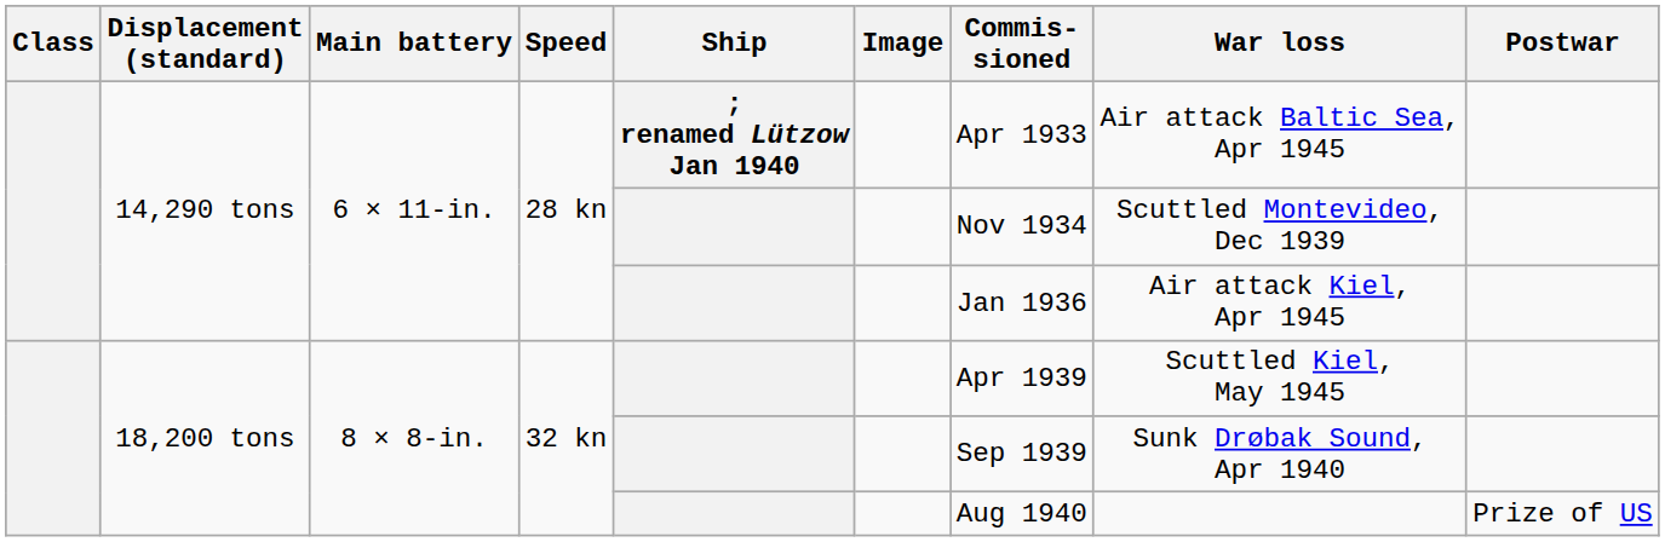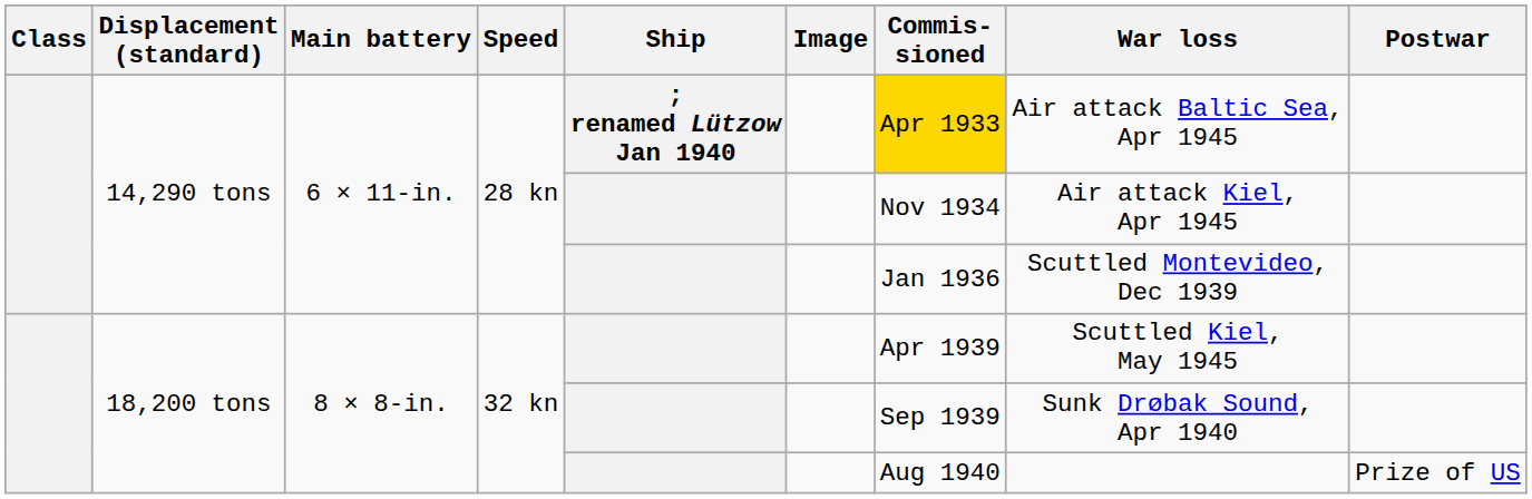 <table class="wikitable">
 <tr>
 <th>Class</th>
 <th>Displacement<br>(standard)</th>
 <th>Main battery</th>
 <th>Speed</th>
 <th>Ship</th>
 <th>Image</th>
 <th>Commis-<br>sioned</th>
 <th>War loss</th>
 <th>Postwar</th>
 </tr>
 <tr>
 <th scope="row" rowspan=3></th>
 <td scope="row" rowspan=3 style="text-align: center">14,290 tons</td>
 <td scope="row" rowspan=3 style="text-align: center">6 × 11-in.</td>
 <td scope="row" rowspan=3 style="text-align: center">28 kn</td>
 <th scope="row" style="text-align: center">;<br>renamed <em>Lützow</em><br>Jan 1940</th>
 <td></td>
-<td scope="row" style="text-align: center">Apr 1933</td>
+<td scope="row" style="background: gold; text-align: center">Apr 1933</td>
 <td scope="row" style="text-align: center">Air attack <a href='#'>Baltic Sea</a>,<br>Apr 1945</td>
 <td></td>
 </tr>
 <tr>
 <th scope="row" style="text-align: center"></th>
 <td></td>
 <td scope="row" style="text-align: center">Nov 1934</td>
-<td scope="row" style="text-align: center">Scuttled <a href='#'>Montevideo</a>,<br>Dec 1939</td>
+<td scope="row" style="text-align: center">Air attack <a href='#'>Kiel</a>,<br>Apr 1945</td>
 <td></td>
 </tr>
 <tr>
 <th scope="row" style="text-align: center"></th>
 <td></td>
 <td scope="row" style="text-align: center">Jan 1936</td>
-<td scope="row" style="text-align: center">Air attack <a href='#'>Kiel</a>,<br>Apr 1945</td>
+<td scope="row" style="text-align: center">Scuttled <a href='#'>Montevideo</a>,<br>Dec 1939</td>
 <td></td>
 </tr>
 <tr>
 <th scope="row" rowspan=3></th>
 <td scope="row" rowspan=3 style="text-align: center">18,200 tons</td>
 <td scope="row" rowspan=3 style="text-align: center">8 × 8-in.</td>
 <td scope="row" rowspan=3 style="text-align: center">32 kn</td>
 <th scope="row" style="text-align: center"></th>
 <td></td>
 <td scope="row" style="text-align: center">Apr 1939</td>
 <td scope="row" style="text-align: center">Scuttled <a href='#'>Kiel</a>,<br>May 1945</td>
 <td></td>
 </tr>
 <tr>
 <th scope="row" style="text-align: center"></th>
 <td></td>
 <td scope="row" style="text-align: center">Sep 1939</td>
 <td scope="row" style="text-align: center">Sunk <a href='#'>Drøbak Sound</a>,<br>Apr 1940</td>
 <td></td>
 </tr>
 <tr>
 <th scope="row" style="text-align: center"></th>
 <td></td>
 <td scope="row" style="text-align: center">Aug 1940</td>
 <td></td>
 <td scope="row" style="text-align: center">Prize of <a href='#'>US</a></td>
 </tr>
 </table>
